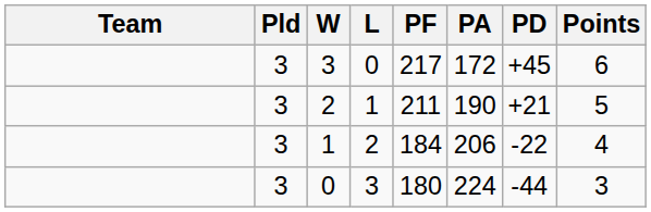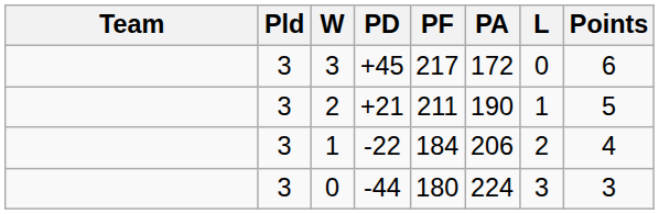 <table class="wikitable" style+"text-align:center;">
 <tr>
 <th width=150>Team</th>
 <th width=20>Pld</th>
 <th width=20>W</th>
-<th width=20>L</th>
+<th width=20>PD</th>
 <th width=20>PF</th>
 <th width=20>PA</th>
-<th width=20>PD</th>
+<th width=20>L</th>
 <th width=20>Points</th>
 </tr>
 <tr align=center>
 <td align="left"></td>
 <td>3</td>
 <td>3</td>
-<td>0</td>
+<td>+45</td>
 <td>217</td>
 <td>172</td>
-<td>+45</td>
+<td>0</td>
 <td>6</td>
 </tr>
 <tr align=center>
 <td align="left"></td>
 <td>3</td>
 <td>2</td>
-<td>1</td>
+<td>+21</td>
 <td>211</td>
 <td>190</td>
-<td>+21</td>
+<td>1</td>
 <td>5</td>
 </tr>
 <tr align=center>
 <td align="left"></td>
 <td>3</td>
 <td>1</td>
-<td>2</td>
+<td>-22</td>
 <td>184</td>
 <td>206</td>
-<td>-22</td>
+<td>2</td>
 <td>4</td>
 </tr>
 <tr align=center>
 <td align="left"></td>
 <td>3</td>
 <td>0</td>
-<td>3</td>
+<td>-44</td>
 <td>180</td>
 <td>224</td>
-<td>-44</td>
+<td>3</td>
 <td>3</td>
 </tr>
 </table>
